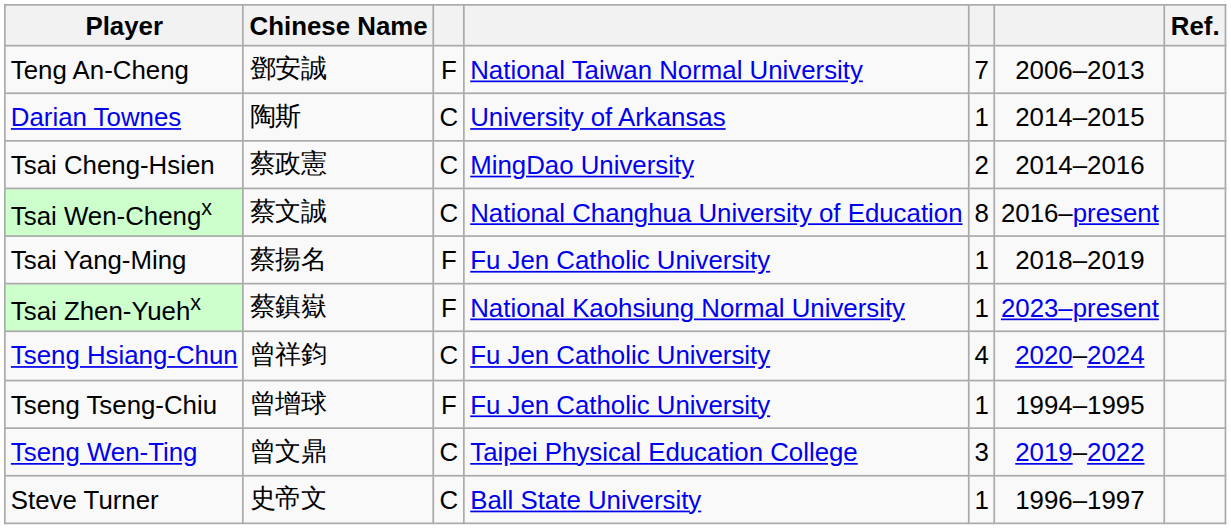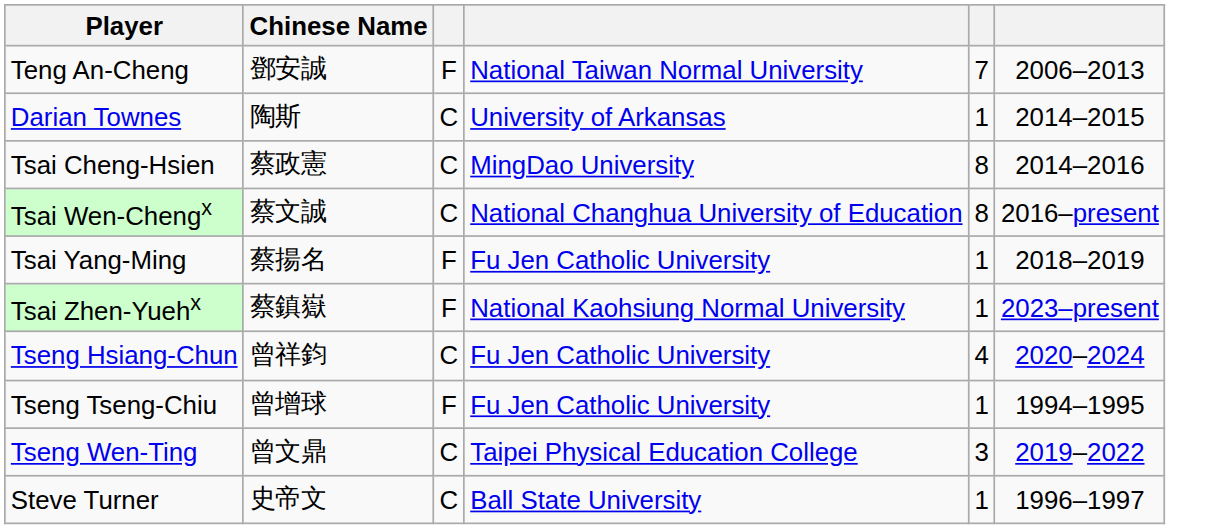 <table class="wikitable sortable" style="font-size:95%; text-align:left;">
 <tr>
 <th>Player</th>
 <th>Chinese Name</th>
 <th></th>
 <th></th>
 <th></th>
 <th></th>
-<th>Ref.</th>
 </tr>
 <tr>
 <td>Teng An-Cheng</td>
 <td>鄧安誠</td>
 <td align="center">F</td>
 <td><a href='#'>National Taiwan Normal University</a></td>
 <td align="center">7</td>
 <td align="center">2006–2013</td>
-<td></td>
 </tr>
 <tr>
 <td><a href='#'>Darian Townes</a></td>
 <td>陶斯</td>
 <td align="center">C</td>
 <td><a href='#'>University of Arkansas</a></td>
 <td align="center">1</td>
 <td align="center">2014–2015</td>
-<td></td>
 </tr>
 <tr>
 <td>Tsai Cheng-Hsien</td>
 <td>蔡政憲</td>
 <td align="center">C</td>
 <td><a href='#'>MingDao University</a></td>
-<td align="center">2</td>
+<td align="center">8</td>
 <td align="center">2014–2016</td>
-<td></td>
 </tr>
 <tr>
 <td bgcolor="#CCFFCC">Tsai Wen-Cheng<sup>x</sup></td>
 <td>蔡文誠</td>
 <td align="center">C</td>
 <td><a href='#'>National Changhua University of Education</a></td>
 <td align="center">8</td>
 <td align="center">2016–<a href='#'>present</a></td>
-<td></td>
 </tr>
 <tr>
 <td>Tsai Yang-Ming</td>
 <td>蔡揚名</td>
 <td align="center">F</td>
 <td><a href='#'>Fu Jen Catholic University</a></td>
 <td align="center">1</td>
 <td align="center">2018–2019</td>
-<td></td>
 </tr>
 <tr>
 <td bgcolor="#CCFFCC">Tsai Zhen-Yueh<sup>x</sup></td>
 <td>蔡鎮嶽</td>
 <td align="center">F</td>
 <td><a href='#'>National Kaohsiung Normal University</a></td>
 <td align="center">1</td>
 <td align="center"><a href='#'>2023–present</a></td>
-<td></td>
 </tr>
 <tr>
 <td><a href='#'>Tseng Hsiang-Chun</a></td>
 <td>曾祥鈞</td>
 <td align="center">C</td>
 <td><a href='#'>Fu Jen Catholic University</a></td>
 <td align="center">4</td>
 <td align="center"><a href='#'>2020</a>–<a href='#'>2024</a></td>
-<td></td>
 </tr>
 <tr>
 <td>Tseng Tseng-Chiu</td>
 <td>曾增球</td>
 <td align="center">F</td>
 <td><a href='#'>Fu Jen Catholic University</a></td>
 <td align="center">1</td>
 <td align="center">1994–1995</td>
-<td></td>
 </tr>
 <tr>
 <td><a href='#'>Tseng Wen-Ting</a></td>
 <td>曾文鼎</td>
 <td align="center">C</td>
 <td><a href='#'>Taipei Physical Education College</a></td>
 <td align="center">3</td>
 <td align="center"><a href='#'>2019</a>–<a href='#'>2022</a></td>
-<td></td>
 </tr>
 <tr>
 <td>Steve Turner</td>
 <td>史帝文</td>
 <td align="center">C</td>
 <td><a href='#'>Ball State University</a></td>
 <td align="center">1</td>
 <td align="center">1996–1997</td>
-<td></td>
 </tr>
 </table>
